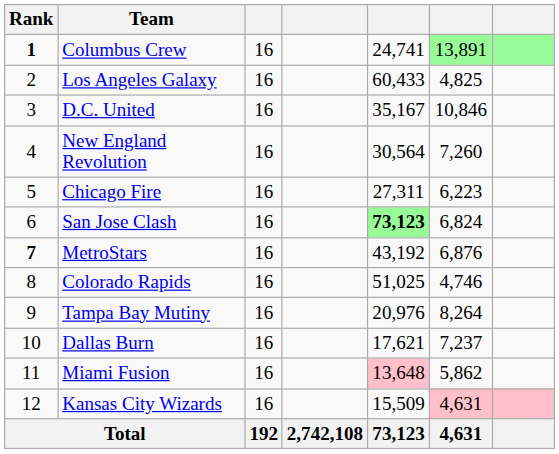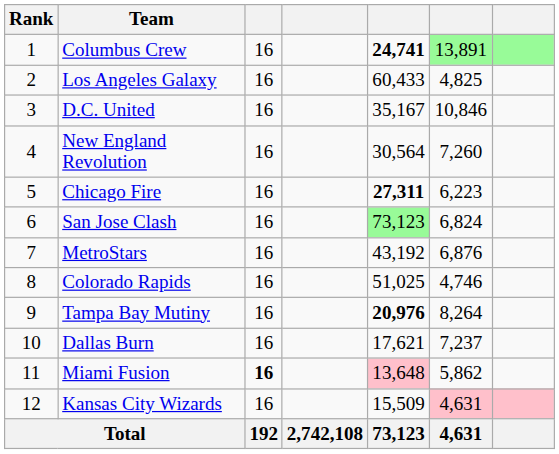 <table class="wikitable sortable" style=text-align:center>
 <tr>
 <th width=25>Rank</th>
 <th width=150>Team</th>
 <th></th>
 <th width=45></th>
 <th width=45></th>
 <th width=45></th>
 <th width=45></th>
 </tr>
 <tr>
-<td><strong>1</strong></td>
+<td>1</td>
 <td align=left><a href='#'>Columbus Crew</a></td>
 <td>16</td>
 <td></td>
-<td>24,741</td>
+<td><strong>24,741</strong></td>
 <td bgcolor="#98fb98">13,891</td>
 <td bgcolor="#98fb98"></td>
 </tr>
 <tr>
 <td>2</td>
 <td align=left><a href='#'>Los Angeles Galaxy</a></td>
 <td>16</td>
 <td></td>
 <td>60,433</td>
 <td>4,825</td>
 <td></td>
 </tr>
 <tr>
 <td>3</td>
 <td align=left><a href='#'>D.C. United</a></td>
 <td>16</td>
 <td></td>
 <td>35,167</td>
 <td>10,846</td>
 <td></td>
 </tr>
 <tr>
 <td>4</td>
 <td align=left><a href='#'>New England Revolution</a></td>
 <td>16</td>
 <td></td>
 <td>30,564</td>
 <td>7,260</td>
 <td></td>
 </tr>
 <tr>
 <td>5</td>
 <td align=left><a href='#'>Chicago Fire</a></td>
 <td>16</td>
 <td></td>
-<td>27,311</td>
+<td><strong>27,311</strong></td>
 <td>6,223</td>
 <td></td>
 </tr>
 <tr>
 <td>6</td>
 <td align=left><a href='#'>San Jose Clash</a></td>
 <td>16</td>
 <td></td>
-<td bgcolor="#98fb98"><strong>73,123</strong></td>
+<td bgcolor="#98fb98">73,123</td>
 <td>6,824</td>
 <td></td>
 </tr>
 <tr>
-<td><strong>7</strong></td>
+<td>7</td>
 <td align=left><a href='#'>MetroStars</a></td>
 <td>16</td>
 <td></td>
 <td>43,192</td>
 <td>6,876</td>
 <td></td>
 </tr>
 <tr>
 <td>8</td>
 <td align=left><a href='#'>Colorado Rapids</a></td>
 <td>16</td>
 <td></td>
 <td>51,025</td>
 <td>4,746</td>
 <td></td>
 </tr>
 <tr>
 <td>9</td>
 <td align=left><a href='#'>Tampa Bay Mutiny</a></td>
 <td>16</td>
 <td></td>
-<td>20,976</td>
+<td><strong>20,976</strong></td>
 <td>8,264</td>
 <td></td>
 </tr>
 <tr>
 <td>10</td>
 <td align=left><a href='#'>Dallas Burn</a></td>
 <td>16</td>
 <td></td>
 <td>17,621</td>
 <td>7,237</td>
 <td></td>
 </tr>
 <tr>
 <td>11</td>
 <td align=left><a href='#'>Miami Fusion</a></td>
-<td>16</td>
+<td><strong>16</strong></td>
 <td></td>
 <td bgcolor="#ffc)cb">13,648</td>
 <td>5,862</td>
 <td></td>
 </tr>
 <tr>
 <td>12</td>
 <td align=left><a href='#'>Kansas City Wizards</a></td>
 <td>16</td>
 <td></td>
 <td>15,509</td>
 <td bgcolor="#ffc)cb">4,631</td>
 <td bgcolor="#ffc)cb"></td>
 </tr>
 <tr>
 <th colspan=2>Total</th>
 <th>192</th>
 <th>2,742,108</th>
 <th>73,123</th>
 <th>4,631</th>
 <th></th>
 </tr>
 </table>
